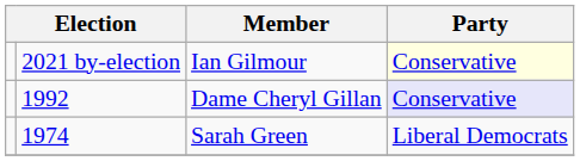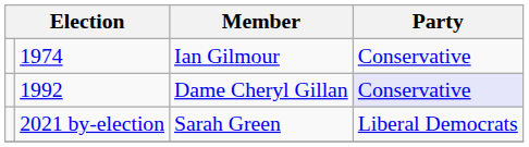 <table class="wikitable">
 <tr>
 <th colspan="2">Election</th>
 <th>Member</th>
 <th>Party</th>
 </tr>
 <tr>
 <td style="color:inherit;background-color: "></td>
-<td><a href='#'>2021 by-election</a></td>
+<td><a href='#'>1974</a></td>
 <td><a href='#'>Ian Gilmour</a></td>
-<td style="background: lightyellow;"><a href='#'>Conservative</a></td>
+<td><a href='#'>Conservative</a></td>
 </tr>
 <tr>
 <td style="color:inherit;background-color: "></td>
 <td><a href='#'>1992</a></td>
 <td><a href='#'>Dame Cheryl Gillan</a></td>
 <td style="background: lavender;"><a href='#'>Conservative</a></td>
 </tr>
 <tr>
 <td style="color:inherit;background-color: "></td>
-<td><a href='#'>1974</a></td>
+<td><a href='#'>2021 by-election</a></td>
 <td><a href='#'>Sarah Green</a></td>
 <td><a href='#'>Liberal Democrats</a></td>
 </tr>
 <tr>
 </tr>
 </table>
